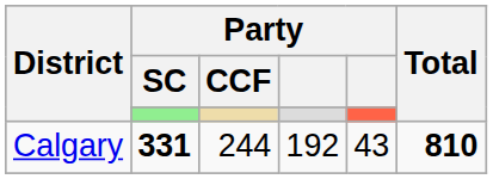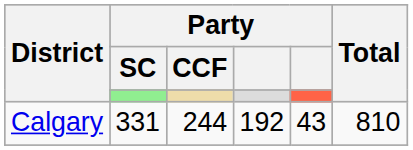 <table class="wikitable" style="text-align:right;">
 <tr>
 <th rowspan="3">District</th>
 <th colspan="4">Party</th>
 <th rowspan="3" scope="col">Total</th>
 </tr>
 <tr>
 <th scope="col">SC</th>
 <th scope="col">CCF</th>
 <th scope="col"></th>
 <th scope="col"></th>
 </tr>
 <tr>
 <th scope="col" style="background-color:#90EE90;"></th>
 <th scope="col" style="background-color:#EEDDAA;"></th>
 <th scope="col" style="background-color:#DCDCDC;"></th>
 <th scope="col" style="background-color:#FF6347;"></th>
 </tr>
 <tr>
 <td style="text-align:left;"><a href='#'>Calgary</a></td>
-<td><strong>331</strong></td>
+<td>331</td>
 <td>244</td>
 <td>192</td>
 <td>43</td>
-<td><strong>810</strong></td>
+<td>810</td>
 </tr>
 </table>
